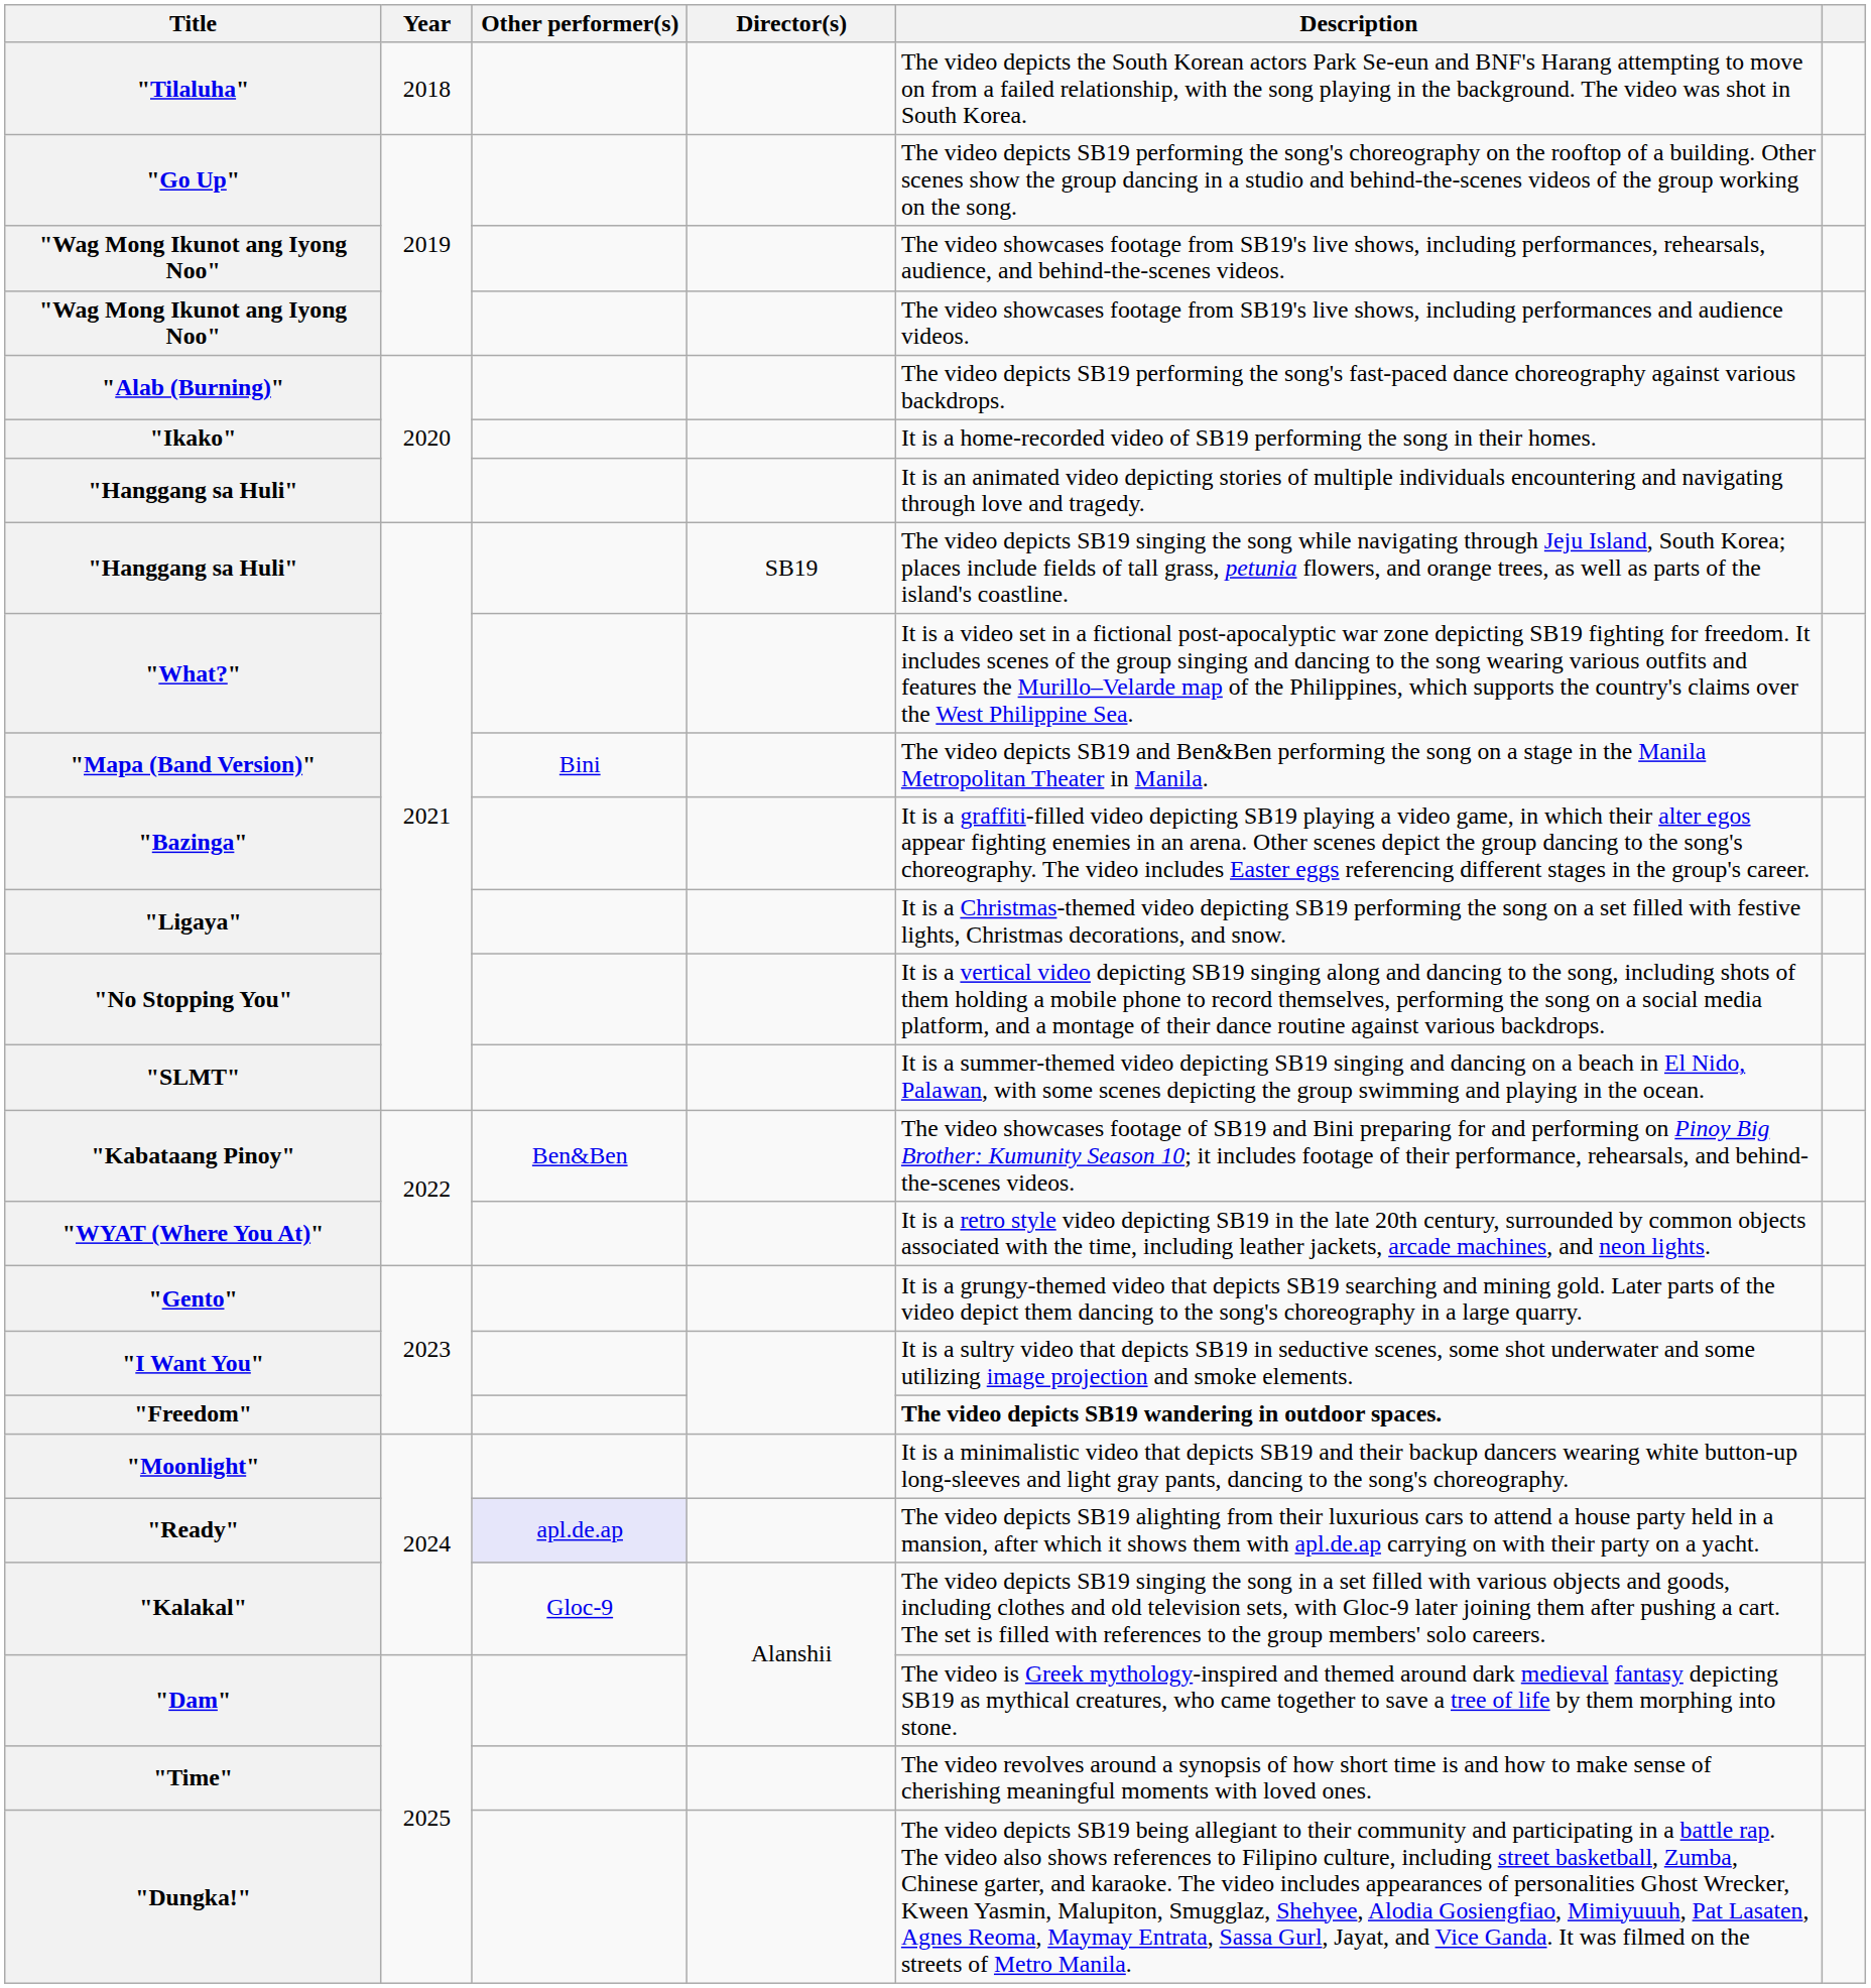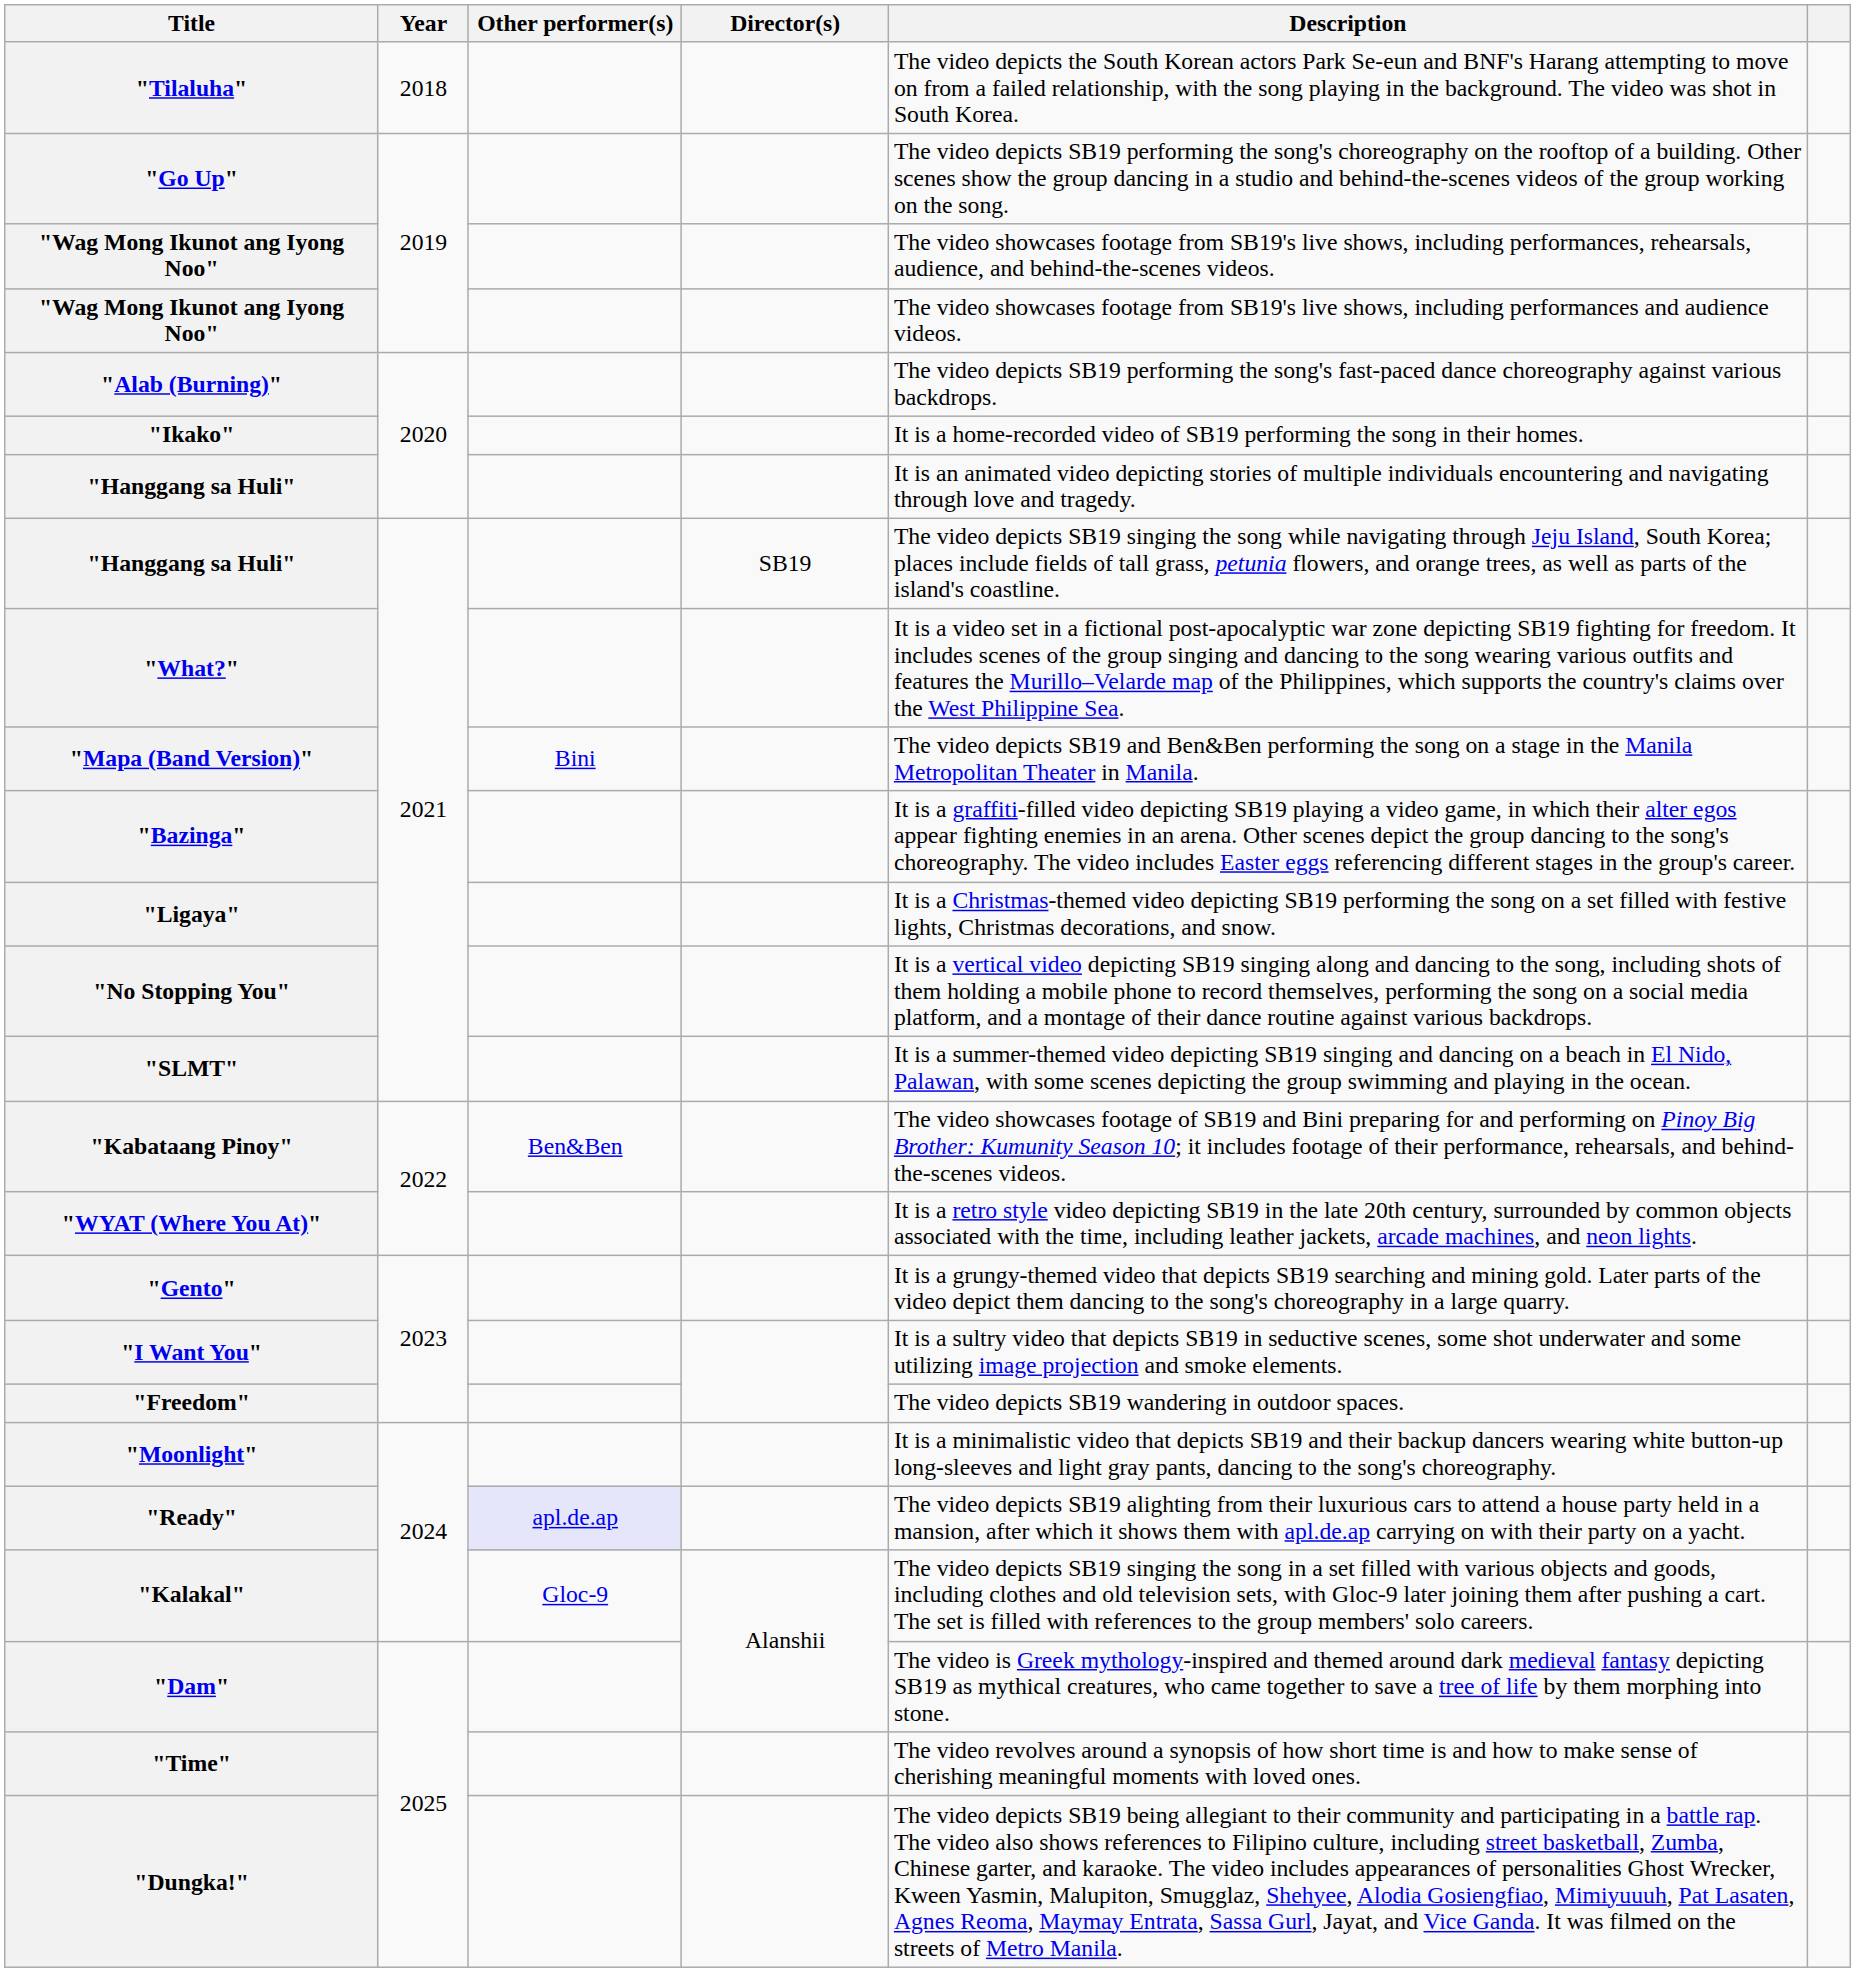 <table class="wikitable sortable plainrowheaders" style="text-align: center;">
 <tr>
 <th scope="col" style="width:20em;">Title</th>
 <th scope="col" style="width:4em;">Year</th>
 <th scope="col" style="width:10em;">Other performer(s)</th>
 <th scope="col" style="width:10em;">Director(s)</th>
 <th scope="col" style="width:54em;" class="unsortable">Description</th>
 <th scope="col" style="width:2em;" class="unsortable"></th>
 </tr>
 <tr>
 <th scope="row">"<a href='#'>Tilaluha</a>"</th>
 <td>2018</td>
 <td></td>
 <td></td>
 <td style="text-align:left;">The video depicts the South Korean actors Park Se-eun and BNF's Harang attempting to move on from a failed relationship, with the song playing in the background. The video was shot in South Korea.</td>
 <td></td>
 </tr>
 <tr>
 <th scope="row">"<a href='#'>Go Up</a>"</th>
 <td rowspan="3">2019</td>
 <td></td>
 <td></td>
 <td style="text-align:left;">The video depicts SB19 performing the song's choreography on the rooftop of a building. Other scenes show the group dancing in a studio and behind-the-scenes videos of the group working on the song.</td>
 <td></td>
 </tr>
 <tr>
 <th scope="row">"Wag Mong Ikunot ang Iyong Noo"</th>
 <td></td>
 <td></td>
 <td style="text-align:left;">The video showcases footage from SB19's live shows, including performances, rehearsals, audience, and behind-the-scenes videos.</td>
 <td></td>
 </tr>
 <tr>
 <th scope="row">"Wag Mong Ikunot ang Iyong Noo"<br></th>
 <td></td>
 <td></td>
 <td style="text-align:left;">The video showcases footage from SB19's live shows, including performances and audience videos.</td>
 <td></td>
 </tr>
 <tr>
 <th scope="row">"<a href='#'>Alab (Burning)</a>"</th>
 <td rowspan="3">2020</td>
 <td></td>
 <td></td>
 <td style="text-align:left;">The video depicts SB19 performing the song's fast-paced dance choreography against various backdrops.</td>
 <td></td>
 </tr>
 <tr>
 <th scope="row">"Ikako"</th>
 <td></td>
 <td></td>
 <td style="text-align:left;">It is a home-recorded video of SB19 performing the song in their homes.</td>
 <td></td>
 </tr>
 <tr>
 <th scope="row">"Hanggang sa Huli"</th>
 <td></td>
 <td></td>
 <td style="text-align:left;">It is an animated video depicting stories of multiple individuals encountering and navigating through love and tragedy.</td>
 <td></td>
 </tr>
 <tr>
 <th scope="row">"Hanggang sa Huli"<br></th>
 <td rowspan="7">2021</td>
 <td></td>
 <td>SB19</td>
 <td style="text-align:left;">The video depicts SB19 singing the song while navigating through <a href='#'>Jeju Island</a>, South Korea; places include fields of tall grass, <em><a href='#'>petunia</a></em> flowers, and orange trees, as well as parts of the island's coastline.</td>
 <td></td>
 </tr>
 <tr>
 <th scope="row">"<a href='#'>What?</a>"</th>
 <td></td>
 <td></td>
 <td style="text-align:left;">It is a video set in a fictional post-apocalyptic war zone depicting SB19 fighting for freedom. It includes scenes of the group singing and dancing to the song wearing various outfits and features the <a href='#'>Murillo–Velarde map</a> of the Philippines, which supports the country's claims over the <a href='#'>West Philippine Sea</a>.</td>
 <td></td>
 </tr>
 <tr>
 <th scope="row">"<a href='#'>Mapa (Band Version)</a>"</th>
 <td><a href='#'>Bini</a></td>
 <td></td>
 <td style="text-align:left;">The video depicts SB19 and Ben&Ben performing the song on a stage in the <a href='#'>Manila Metropolitan Theater</a> in <a href='#'>Manila</a>.</td>
 <td></td>
 </tr>
 <tr>
 <th scope="row">"<a href='#'>Bazinga</a>"</th>
 <td></td>
 <td></td>
 <td style="text-align:left;">It is a <a href='#'>graffiti</a>-filled video depicting SB19 playing a video game, in which their <a href='#'>alter egos</a> appear fighting enemies in an arena. Other scenes depict the group dancing to the song's choreography. The video includes <a href='#'>Easter eggs</a> referencing different stages in the group's career.</td>
 <td></td>
 </tr>
 <tr>
 <th scope="row">"Ligaya"</th>
 <td></td>
 <td></td>
 <td style="text-align:left;">It is a <a href='#'>Christmas</a>-themed video depicting SB19 performing the song on a set filled with festive lights, Christmas decorations, and snow.</td>
 <td></td>
 </tr>
 <tr>
 <th scope="row">"No Stopping You"</th>
 <td></td>
 <td></td>
 <td style="text-align:left;">It is a <a href='#'>vertical video</a> depicting SB19 singing along and dancing to the song, including shots of them holding a mobile phone to record themselves, performing the song on a social media platform, and a montage of their dance routine against various backdrops.</td>
 <td></td>
 </tr>
 <tr>
 <th scope="row">"SLMT"</th>
 <td></td>
 <td></td>
 <td style="text-align:left;">It is a summer-themed video depicting SB19 singing and dancing on a beach in <a href='#'>El Nido, Palawan</a>, with some scenes depicting the group swimming and playing in the ocean.</td>
 <td></td>
 </tr>
 <tr>
 <th scope="row">"Kabataang Pinoy"</th>
 <td rowspan="2">2022</td>
 <td><a href='#'>Ben&Ben</a></td>
 <td></td>
 <td style="text-align:left;">The video showcases footage of SB19 and Bini preparing for and performing on <em><a href='#'>Pinoy Big Brother: Kumunity Season 10</a></em>; it includes footage of their performance, rehearsals, and behind-the-scenes videos.</td>
 <td></td>
 </tr>
 <tr>
 <th scope="row">"<a href='#'>WYAT (Where You At)</a>"</th>
 <td></td>
 <td></td>
 <td style="text-align:left;">It is a <a href='#'>retro style</a> video depicting SB19 in the late 20th century, surrounded by common objects associated with the time, including leather jackets, <a href='#'>arcade machines</a>, and <a href='#'>neon lights</a>.</td>
 <td></td>
 </tr>
 <tr>
 <th scope="row">"<a href='#'>Gento</a>"</th>
 <td rowspan="3">2023</td>
 <td></td>
 <td></td>
 <td style="text-align:left;">It is a grungy-themed video that depicts SB19 searching and mining gold. Later parts of the video depict them dancing to the song's choreography in a large quarry.</td>
 <td></td>
 </tr>
 <tr>
 <th scope="row">"<a href='#'>I Want You</a>"</th>
 <td></td>
 <td rowspan="2"></td>
 <td style="text-align:left;">It is a sultry video that depicts SB19 in seductive scenes, some shot underwater and some utilizing <a href='#'>image projection</a> and smoke elements.</td>
 <td></td>
 </tr>
 <tr>
 <th scope="row">"Freedom"</th>
 <td></td>
-<td style="text-align:left;"><strong>The video depicts SB19 wandering in outdoor spaces.</strong></td>
+<td style="text-align:left;">The video depicts SB19 wandering in outdoor spaces.</td>
 <td></td>
 </tr>
 <tr>
 <th scope="row">"<a href='#'>Moonlight</a>"</th>
 <td rowspan="3">2024</td>
 <td></td>
 <td></td>
 <td style="text-align:left;">It is a minimalistic video that depicts SB19 and their backup dancers wearing white button-up long-sleeves and light gray pants, dancing to the song's choreography.</td>
 <td></td>
 </tr>
 <tr>
 <th scope="row">"Ready"</th>
 <td style="background: lavender;"><a href='#'>apl.de.ap</a></td>
 <td></td>
 <td style="text-align:left;">The video depicts SB19 alighting from their luxurious cars to attend a house party held in a mansion, after which it shows them with <a href='#'>apl.de.ap</a> carrying on with their party on a yacht.</td>
 <td></td>
 </tr>
 <tr>
 <th scope="row">"Kalakal"</th>
 <td><a href='#'>Gloc-9</a></td>
 <td rowspan="2">Alanshii</td>
 <td style="text-align:left;">The video depicts SB19 singing the song in a set filled with various objects and goods, including clothes and old television sets, with Gloc-9 later joining them after pushing a cart. The set is filled with references to the group members' solo careers.</td>
 <td></td>
 </tr>
 <tr>
 <th scope="row">"<a href='#'>Dam</a>"</th>
 <td rowspan="3">2025</td>
 <td></td>
 <td style="text-align:left;">The video is <a href='#'>Greek mythology</a>-inspired and themed around dark <a href='#'>medieval</a> <a href='#'>fantasy</a> depicting SB19 as mythical creatures, who came together to save a <a href='#'>tree of life</a> by them morphing into stone.</td>
 <td></td>
 </tr>
 <tr>
 <th scope="row">"Time"</th>
 <td></td>
 <td></td>
 <td style="text-align:left;">The video revolves around a synopsis of how short time is and how to make sense of cherishing meaningful moments with loved ones.</td>
 <td></td>
 </tr>
 <tr>
 <th scope="row">"Dungka!"</th>
 <td></td>
 <td></td>
 <td style="text-align:left;">The video depicts SB19 being allegiant to their community and participating in a <a href='#'>battle rap</a>. The video also shows references to Filipino culture, including <a href='#'>street basketball</a>, <a href='#'>Zumba</a>, Chinese garter, and karaoke. The video includes appearances of personalities Ghost Wrecker, Kween Yasmin, Malupiton, Smugglaz, <a href='#'>Shehyee</a>, <a href='#'>Alodia Gosiengfiao</a>, <a href='#'>Mimiyuuuh</a>, <a href='#'>Pat Lasaten</a>, <a href='#'>Agnes Reoma</a>, <a href='#'>Maymay Entrata</a>, <a href='#'>Sassa Gurl</a>, Jayat, and <a href='#'>Vice Ganda</a>. It was filmed on the streets of <a href='#'>Metro Manila</a>.</td>
 <td></td>
 </tr>
 </table>
